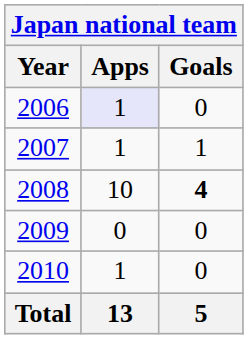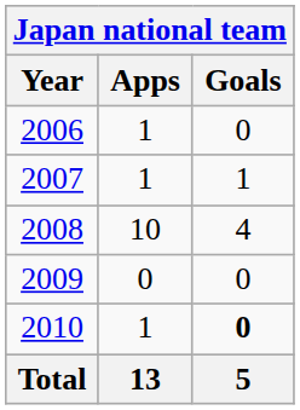 <table class="wikitable" style="text-align:center">
 <tr>
 <th colspan=3><a href='#'>Japan national team</a></th>
 </tr>
 <tr>
 <th>Year</th>
 <th>Apps</th>
 <th>Goals</th>
 </tr>
 <tr>
 <td><a href='#'>2006</a></td>
-<td style="background: lavender;">1</td>
+<td>1</td>
 <td>0</td>
 </tr>
 <tr>
 <td><a href='#'>2007</a></td>
 <td>1</td>
 <td>1</td>
 </tr>
 <tr>
 <td><a href='#'>2008</a></td>
 <td>10</td>
-<td><strong>4</strong></td>
+<td>4</td>
 </tr>
 <tr>
 <td><a href='#'>2009</a></td>
 <td>0</td>
 <td>0</td>
 </tr>
 <tr>
 <td><a href='#'>2010</a></td>
 <td>1</td>
-<td>0</td>
+<td><strong>0</strong></td>
 </tr>
 <tr>
 <th>Total</th>
 <th>13</th>
 <th>5</th>
 </tr>
 </table>
